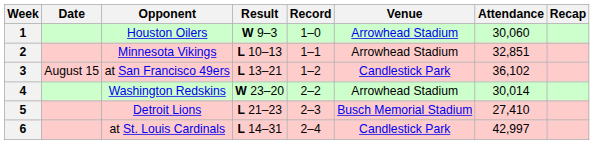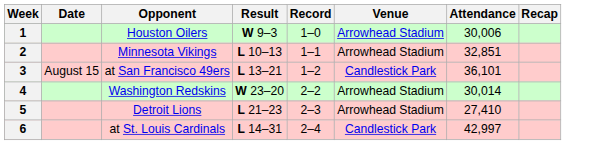 <table class="wikitable" style="text-align:center">
 <tr>
 <th>Week</th>
 <th>Date</th>
 <th>Opponent</th>
 <th>Result</th>
 <th>Record</th>
 <th>Venue</th>
 <th>Attendance</th>
 <th>Recap</th>
 </tr>
 <tr style="background:#cfc">
 <th>1</th>
 <td></td>
 <td><a href='#'>Houston Oilers</a></td>
 <td><strong>W</strong> 9–3 </td>
 <td>1–0</td>
 <td><a href='#'>Arrowhead Stadium</a></td>
-<td>30,060</td>
+<td>30,006</td>
 <td></td>
 </tr>
 <tr style="background:#fcc">
 <th>2</th>
 <td></td>
 <td><a href='#'>Minnesota Vikings</a></td>
 <td><strong>L</strong> 10–13</td>
 <td>1–1</td>
 <td>Arrowhead Stadium</td>
 <td>32,851</td>
 <td></td>
 </tr>
 <tr style="background:#fcc">
 <th>3</th>
 <td>August 15</td>
 <td>at <a href='#'>San Francisco 49ers</a></td>
 <td><strong>L</strong> 13–21</td>
 <td>1–2</td>
 <td><a href='#'>Candlestick Park</a></td>
-<td>36,102</td>
+<td>36,101</td>
 <td></td>
 </tr>
 <tr style="background:#cfc">
 <th>4</th>
 <td></td>
 <td><a href='#'>Washington Redskins</a></td>
 <td><strong>W</strong> 23–20</td>
 <td>2–2</td>
 <td>Arrowhead Stadium</td>
 <td>30,014</td>
 <td></td>
 </tr>
 <tr style="background:#fcc">
 <th>5</th>
 <td></td>
 <td><a href='#'>Detroit Lions</a></td>
 <td><strong>L</strong> 21–23</td>
 <td>2–3</td>
-<td><a href='#'>Busch Memorial Stadium</a></td>
+<td>Arrowhead Stadium</td>
 <td>27,410</td>
 <td></td>
 </tr>
 <tr style="background:#fcc">
 <th>6</th>
 <td></td>
 <td>at <a href='#'>St. Louis Cardinals</a></td>
 <td><strong>L</strong> 14–31</td>
 <td>2–4</td>
 <td><a href='#'>Candlestick Park</a></td>
 <td>42,997</td>
 <td></td>
 </tr>
 </table>
